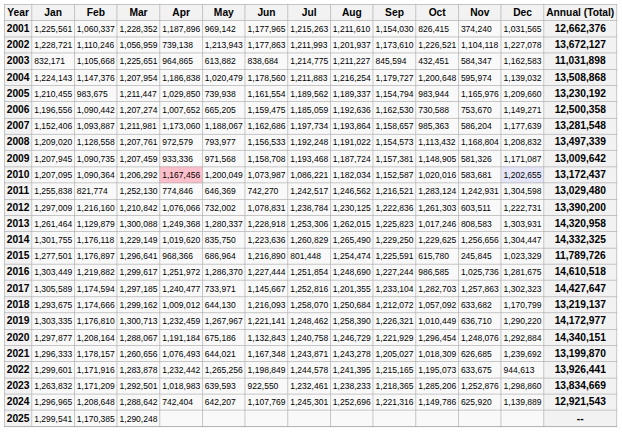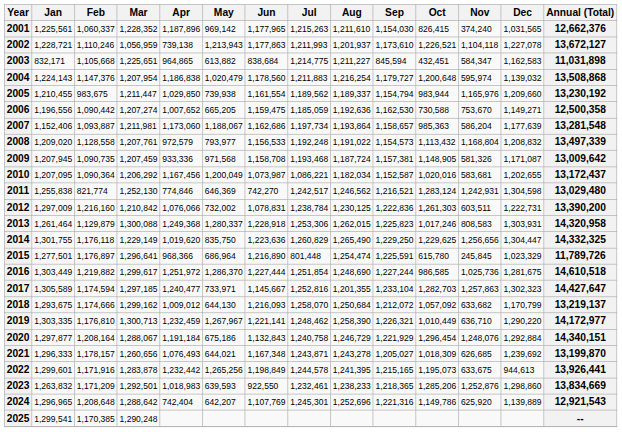 <table class="wikitable">
 <tr>
 <th>Year</th>
 <th>Jan</th>
 <th>Feb</th>
 <th>Mar</th>
 <th>Apr</th>
 <th>May</th>
 <th>Jun</th>
 <th>Jul</th>
 <th>Aug</th>
 <th>Sep</th>
 <th>Oct</th>
 <th>Nov</th>
 <th>Dec</th>
 <th>Annual (Total)</th>
 </tr>
 <tr>
 <th>2001</th>
 <td><small>1,225,561</small></td>
 <td><small>1,060,337</small></td>
 <td><small>1,228,352</small></td>
 <td><small>1,187,896</small></td>
 <td><small>969,142</small></td>
 <td><small>1,177,965</small></td>
 <td><small>1,215,263</small></td>
 <td><small>1,211,610</small></td>
 <td><small>1,154,030</small></td>
 <td><small>826,415</small></td>
 <td><small>374,240</small></td>
 <td><small>1,031,565</small></td>
 <th>12,662,376</th>
 </tr>
 <tr>
 <th>2002</th>
 <td><small>1,228,721</small></td>
 <td><small>1,110,246</small></td>
 <td><small>1,056,959</small></td>
 <td><small>739,138</small></td>
 <td><small>1,213,943</small></td>
 <td><small>1,177,863</small></td>
 <td><small>1,211,993</small></td>
 <td><small>1,201,937</small></td>
 <td><small>1,173,610</small></td>
 <td><small>1,226,521</small></td>
 <td><small>1,104,118</small></td>
 <td><small>1,227,078</small></td>
 <th>13,672,127</th>
 </tr>
 <tr>
 <th>2003</th>
 <td><small>832,171</small></td>
 <td><small>1,105,668</small></td>
 <td><small>1,225,651</small></td>
 <td><small>964,865</small></td>
 <td><small>613,882</small></td>
 <td><small>838,684</small></td>
 <td><small>1,214,775</small></td>
 <td><small>1,211,227</small></td>
 <td><small>845,594</small></td>
 <td><small>432,451</small></td>
 <td><small>584,347</small></td>
 <td><small>1,162,583</small></td>
 <th>11,031,898</th>
 </tr>
 <tr>
 <th>2004</th>
 <td><small>1,224,143</small></td>
 <td><small>1,147,376</small></td>
 <td><small>1,207,954</small></td>
 <td><small>1,186,838</small></td>
 <td><small>1,020,479</small></td>
 <td><small>1,178,560</small></td>
 <td><small>1,211,883</small></td>
 <td><small>1,216,254</small></td>
 <td><small>1,179,727</small></td>
 <td><small>1,200,648</small></td>
 <td><small>595,974</small></td>
 <td><small>1,139,032</small></td>
 <th>13,508,868</th>
 </tr>
 <tr>
 <th>2005</th>
 <td><small>1,210,455</small></td>
 <td><small>983,675</small></td>
 <td><small>1,211,447</small></td>
 <td><small>1,029,850</small></td>
 <td><small>739,938</small></td>
 <td><small>1,161,554</small></td>
 <td><small>1,189,562</small></td>
 <td><small>1,189,337</small></td>
 <td><small>1,154,794</small></td>
 <td><small>983,944</small></td>
 <td><small>1,165,976</small></td>
 <td><small>1,209,660</small></td>
 <th>13,230,192</th>
 </tr>
 <tr>
 <th>2006</th>
 <td><small>1,196,556</small></td>
 <td><small>1,090,442</small></td>
 <td><small>1,207,274</small></td>
 <td><small>1,007,652</small></td>
 <td><small>665,205</small></td>
 <td><small>1,159,475</small></td>
 <td><small>1,185,059</small></td>
 <td><small>1,192,636</small></td>
 <td><small>1,162,530</small></td>
 <td><small>730,588</small></td>
 <td><small>753,670</small></td>
 <td><small>1,149,271</small></td>
 <th>12,500,358</th>
 </tr>
 <tr>
 <th>2007</th>
 <td><small>1,152,406</small></td>
 <td><small>1,093,887</small></td>
 <td><small>1,211,981</small></td>
 <td><small>1,173,060</small></td>
 <td><small>1,188,067</small></td>
 <td><small>1,162,686</small></td>
 <td><small>1,197,734</small></td>
 <td><small>1,193,864</small></td>
 <td><small>1,158,657</small></td>
 <td><small>985,363</small></td>
 <td><small>586,204</small></td>
 <td><small>1,177,639</small></td>
 <th>13,281,548</th>
 </tr>
 <tr>
 <th>2008</th>
 <td><small>1,209,020</small></td>
 <td><small>1,128,558</small></td>
 <td><small>1,207,761</small></td>
 <td><small>972,579</small></td>
 <td><small>793,977</small></td>
 <td><small>1,156,533</small></td>
 <td><small>1,192,248</small></td>
 <td><small>1,191,022</small></td>
 <td><small>1,154,573</small></td>
 <td><small>1,113,432</small></td>
 <td><small>1,168,804</small></td>
 <td><small>1,208,832</small></td>
 <th>13,497,339</th>
 </tr>
 <tr>
 <th>2009</th>
 <td><small>1,207,945</small></td>
 <td><small>1,090,735</small></td>
 <td><small>1,207,459</small></td>
 <td><small>933,336</small></td>
 <td><small>971,568</small></td>
 <td><small>1,158,708</small></td>
 <td><small>1,193,468</small></td>
 <td><small>1,187,724</small></td>
 <td><small>1,157,381</small></td>
 <td><small>1,148,905</small></td>
 <td><small>581,326</small></td>
 <td><small>1,171,087</small></td>
 <th>13,009,642</th>
 </tr>
 <tr>
 <th>2010</th>
 <td><small>1,207,095</small></td>
 <td><small>1,090,364</small></td>
 <td><small>1,206,292</small></td>
-<td style="background: pink;"><small>1,167,456</small></td>
+<td><small>1,167,456</small></td>
 <td><small>1,200,049</small></td>
 <td><small>1,073,987</small></td>
 <td><small>1,086,221</small></td>
 <td><small>1,182,034</small></td>
 <td><small>1,152,587</small></td>
 <td><small>1,020,016</small></td>
 <td><small>583,681</small></td>
-<td style="background: lavender;"><small>1,202,655</small></td>
+<td><small>1,202,655</small></td>
 <th>13,172,437</th>
 </tr>
 <tr>
 <th>2011</th>
 <td><small>1,255,838</small></td>
 <td><small>821,774</small></td>
 <td><small>1,252,130</small></td>
 <td><small>774,846</small></td>
 <td><small>646,369</small></td>
 <td><small>742,270</small></td>
 <td><small>1,242,517</small></td>
 <td><small>1,246,562</small></td>
 <td><small>1,216,521</small></td>
 <td><small>1,283,124</small></td>
 <td><small>1,242,931</small></td>
 <td><small>1,304,598</small></td>
 <th>13,029,480</th>
 </tr>
 <tr>
 <th>2012</th>
 <td><small>1,297,009</small></td>
 <td><small>1,216,160</small></td>
 <td><small>1,210,842</small></td>
 <td><small>1,076,066</small></td>
 <td><small>732,002</small></td>
 <td><small>1,078,831</small></td>
 <td><small>1,238,784</small></td>
 <td><small>1,230,125</small></td>
 <td><small>1,222,836</small></td>
 <td><small>1,261,303</small></td>
 <td><small>603,511</small></td>
 <td><small>1,222,731</small></td>
 <th>13,390,200</th>
 </tr>
 <tr>
 <th>2013</th>
 <td><small>1,261,464</small></td>
 <td><small>1,129,879</small></td>
 <td><small>1,300,088</small></td>
 <td><small>1,249,368</small></td>
 <td><small>1,280,337</small></td>
 <td><small>1,228,918</small></td>
 <td><small>1,253,306</small></td>
 <td><small>1,262,015</small></td>
 <td><small>1,225,823</small></td>
 <td><small>1,017,246</small></td>
 <td><small>808,583</small></td>
 <td><small>1,303,931</small></td>
 <th>14,320,958</th>
 </tr>
 <tr>
 <th>2014</th>
 <td><small>1,301,755</small></td>
 <td><small>1,176,118</small></td>
 <td><small>1,229,149</small></td>
 <td><small>1,019,620</small></td>
 <td><small>835,750</small></td>
 <td><small>1,223,636</small></td>
 <td><small>1,260,829</small></td>
 <td><small>1,265,490</small></td>
 <td><small>1,229,250</small></td>
 <td><small>1,229,625</small></td>
 <td><small>1,256,656</small></td>
 <td><small>1,304,447</small></td>
 <th>14,332,325</th>
 </tr>
 <tr>
 <th>2015</th>
 <td><small>1,277,501</small></td>
 <td><small>1,176,897</small></td>
 <td><small>1,296,641</small></td>
 <td><small>968,366</small></td>
 <td><small>686,964</small></td>
 <td><small>1,216,890</small></td>
 <td><small>801,448</small></td>
 <td><small>1,254,474</small></td>
 <td><small>1,225,591</small></td>
 <td><small>615,780</small></td>
 <td><small>245,845</small></td>
 <td><small>1,023,329</small></td>
 <th>11,789,726</th>
 </tr>
 <tr>
 <th>2016</th>
 <td><small>1,303,449</small></td>
 <td><small>1,219,882</small></td>
 <td><small>1,299,617</small></td>
 <td><small>1,251,972</small></td>
 <td><small>1,286,370</small></td>
 <td><small>1,227,444</small></td>
 <td><small>1,251,854</small></td>
 <td><small>1,248,690</small></td>
 <td><small>1,227,244</small></td>
 <td><small>986,585</small></td>
 <td><small>1,025,736</small></td>
 <td><small>1,281,675</small></td>
 <th>14,610,518</th>
 </tr>
 <tr>
 <th>2017</th>
 <td><small>1,305,589</small></td>
 <td><small>1,174,594</small></td>
 <td><small>1,297,185</small></td>
 <td><small>1,240,477</small></td>
 <td><small>733,971</small></td>
 <td><small>1,145,667</small></td>
 <td><small>1,252,816</small></td>
 <td><small>1,201,355</small></td>
 <td><small>1,233,104</small></td>
 <td><small>1,282,703</small></td>
 <td><small>1,257,863</small></td>
 <td><small>1,302,323</small></td>
 <th>14,427,647</th>
 </tr>
 <tr>
 <th>2018</th>
 <td><small>1,293,675</small></td>
 <td><small>1,174,666</small></td>
 <td><small>1,299,162</small></td>
 <td><small>1,009,012</small></td>
 <td><small>644,130</small></td>
 <td><small>1,216,093</small></td>
 <td><small>1,258,070</small></td>
 <td><small>1,250,684</small></td>
 <td><small>1,212,072</small></td>
 <td><small>1,057,092</small></td>
 <td><small>633,682</small></td>
 <td><small>1,170,799</small></td>
 <th>13,219,137</th>
 </tr>
 <tr>
 <th>2019</th>
 <td><small>1,303,335</small></td>
 <td><small>1,176,810</small></td>
 <td><small>1,300,713</small></td>
 <td><small>1,232,459</small></td>
 <td><small>1,267,967</small></td>
 <td><small>1,221,141</small></td>
 <td><small>1,248,462</small></td>
 <td><small>1,258,390</small></td>
 <td><small>1,226,321</small></td>
 <td><small>1,010,449</small></td>
 <td><small>636,710</small></td>
 <td><small>1,290,220</small></td>
 <th>14,172,977</th>
 </tr>
 <tr>
 <th>2020</th>
 <td><small>1,297,877</small></td>
 <td><small>1,208,164</small></td>
 <td><small>1,288,067</small></td>
 <td><small>1,191,184</small></td>
 <td><small>675,186</small></td>
 <td><small>1,132,843</small></td>
 <td><small>1,240,758</small></td>
 <td><small>1,246,729</small></td>
 <td><small>1,221,929</small></td>
 <td><small>1,296,454</small></td>
 <td><small>1,248,076</small></td>
 <td><small>1,292,884</small></td>
 <th>14,340,151</th>
 </tr>
 <tr>
 <th>2021</th>
 <td><small>1,296,333</small></td>
 <td><small>1,178,157</small></td>
 <td><small>1,260,656</small></td>
 <td><small>1,076,493</small></td>
 <td><small>644,021</small></td>
 <td><small>1,167,348</small></td>
 <td><small>1,243,871</small></td>
 <td><small>1,243,278</small></td>
 <td><small>1,205,027</small></td>
 <td><small>1,018,309</small></td>
 <td><small>626,685</small></td>
 <td><small>1,239,692</small></td>
 <th>13,199,870</th>
 </tr>
 <tr>
 <th>2022</th>
 <td><small>1,299,601</small></td>
 <td><small>1,171,916</small></td>
 <td><small>1,283,878</small></td>
 <td><small>1,232,442</small></td>
 <td><small>1,265,256</small></td>
 <td><small>1,198,849</small></td>
 <td><small>1,244,578</small></td>
 <td><small>1,241,395</small></td>
 <td><small>1,215,165</small></td>
 <td><small>1,195,073</small></td>
 <td><small>633,675</small></td>
 <td><small>944,613</small></td>
 <th>13,926,441</th>
 </tr>
 <tr>
 <th>2023</th>
 <td><small>1,263,832</small></td>
 <td><small>1,171,209</small></td>
 <td><small>1,292,501</small></td>
 <td><small>1,018,983</small></td>
 <td><small>639,593</small></td>
 <td><small>922,550</small></td>
 <td><small>1,232,461</small></td>
 <td><small>1,238,233</small></td>
 <td><small>1,218,365</small></td>
 <td><small>1,285,206</small></td>
 <td><small>1,252,876</small></td>
 <td><small>1,298,860</small></td>
 <th>13,834,669</th>
 </tr>
 <tr>
 <th>2024</th>
 <td><small>1,296,965</small></td>
 <td><small>1,208,648</small></td>
 <td><small>1,288,642</small></td>
 <td><small>742,404</small></td>
 <td><small>642,207</small></td>
 <td><small>1,107,769</small></td>
 <td><small>1,245,301</small></td>
 <td><small>1,252,696</small></td>
 <td><small>1,221,316</small></td>
 <td><small>1,149,786</small></td>
 <td><small>625,920</small></td>
 <td><small>1,139,889</small></td>
 <th>12,921,543</th>
 </tr>
 <tr>
 <th>2025</th>
 <td><small>1,299,541</small></td>
 <td><small>1,170,385</small></td>
 <td><small>1,290,248</small></td>
 <td><small></small></td>
 <td><small></small></td>
 <td><small></small></td>
 <td><small></small></td>
 <td><small></small></td>
 <td><small></small></td>
 <td><small></small></td>
 <td><small></small></td>
 <td><small></small></td>
 <th>--</th>
 </tr>
 <tr>
 </tr>
 </table>
